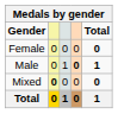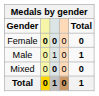 <table class=wikitable style=font-size:85%>
 <tr style="background:#efefef;">
 <th colspan=7><strong>Medals by gender</strong></th>
 </tr>
 <tr align=center>
 <td><strong>Gender</strong></td>
 <td bgcolor=#f7f6a8></td>
 <td bgcolor=#dce5e5></td>
 <td bgcolor=#ffdab9></td>
 <td><strong>Total</strong></td>
 </tr>
 <tr align=center>
 <td>Female</td>
-<td style="background:#F7F6A8;">0</td>
-<td style="background:#DCE5E5;">0</td>
+<td style="background:#F7F6A8;"><strong>0</strong></td>
+<td style="background:#DCE5E5;"><strong>0</strong></td>
 <td style="background:#FFDAB9;">0</td>
 <td><strong>0</strong></td>
 </tr>
 <tr align=center>
 <td>Male</td>
 <td style="background:#F7F6A8;">0</td>
 <td style="background:#DCE5E5;">1</td>
-<td style="background:#FFDAB9;"><strong>0</strong></td>
+<td style="background:#FFDAB9;">0</td>
 <td><strong>1</strong></td>
 </tr>
 <tr align=center>
 <td>Mixed</td>
-<td style="background:#F7F6A8;"><strong>0</strong></td>
-<td style="background:#DCE5E5;">0</td>
+<td style="background:#F7F6A8;">0</td>
+<td style="background:#DCE5E5;"><strong>0</strong></td>
 <td style="background:#FFDAB9;">0</td>
 <td><strong>0</strong></td>
 </tr>
 <tr align=center>
 <th><strong>Total</strong></th>
 <th style="background:gold;"><strong>0</strong></th>
 <th style="background:silver;"><strong>1</strong></th>
 <th style="background:#c96;"><strong>0</strong></th>
 <th><strong>1</strong></th>
 </tr>
 </table>
